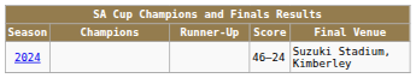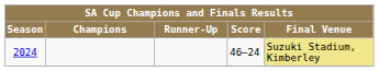 <table class="wikitable" style="text-align:left; font-size:90%; width:70%;">
 <tr>
 <td colspan=5 align=center ! style="background: #947C4E; color:#FFFFFF"><strong>SA Cup Champions and Finals Results</strong></td>
 </tr>
 <tr>
 <th style="background: #947C4E; color:#FFFFFF" width="10%">Season</th>
 <th style="background: #947C4E; color:#FFFFFF" width="30%">Champions</th>
 <th style="background: #947C4E; color:#FFFFFF" width="20%">Runner-Up</th>
 <th style="background: #947C4E; color:#FFFFFF" width="10%">Score</th>
 <th style="background: #947C4E; color:#FFFFFF" width="30%">Final Venue</th>
 </tr>
 <tr>
 <td style="text-align:center"><a href='#'>2024</a></td>
 <td></td>
 <td></td>
 <td>46–24</td>
-<td>Suzuki Stadium, Kimberley</td>
+<td style="background: khaki;">Suzuki Stadium, Kimberley</td>
 </tr>
 <tr>
 </tr>
 </table>
